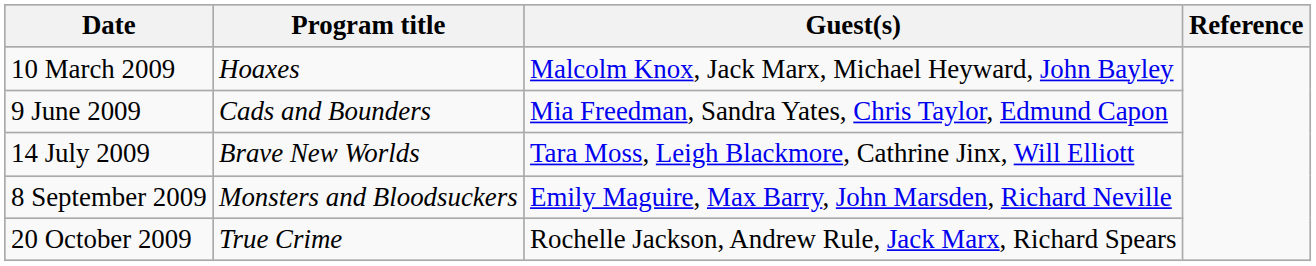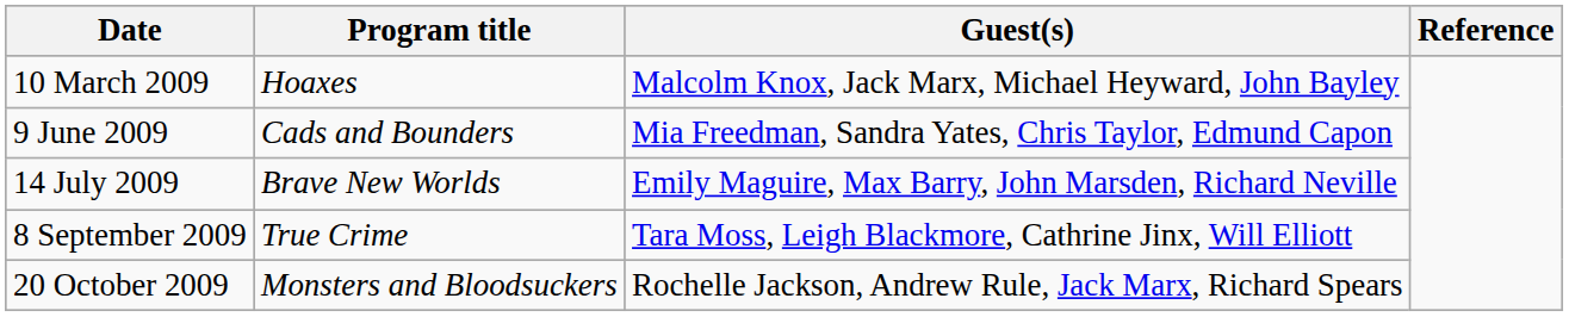 <table class="wikitable">
 <tr>
 <th>Date</th>
 <th>Program title</th>
 <th>Guest(s)</th>
 <th>Reference</th>
 </tr>
 <tr>
 <td>10 March 2009</td>
 <td><em>Hoaxes</em></td>
 <td><a href='#'>Malcolm Knox</a>, Jack Marx, Michael Heyward, <a href='#'>John Bayley</a></td>
 <td rowspan=5></td>
 </tr>
 <tr>
 <td>9 June 2009</td>
 <td><em>Cads and Bounders</em></td>
 <td><a href='#'>Mia Freedman</a>, Sandra Yates, <a href='#'>Chris Taylor</a>, <a href='#'>Edmund Capon</a></td>
 </tr>
 <tr>
 <td>14 July 2009</td>
 <td><em>Brave New Worlds</em></td>
+<td><a href='#'>Emily Maguire</a>, <a href='#'>Max Barry</a>, <a href='#'>John Marsden</a>, <a href='#'>Richard Neville</a></td>
+</tr>
+<tr>
+<td>8 September 2009</td>
+<td><em>True Crime</em></td>
 <td><a href='#'>Tara Moss</a>, <a href='#'>Leigh Blackmore</a>, Cathrine Jinx, <a href='#'>Will Elliott</a></td>
 </tr>
 <tr>
-<td>8 September 2009</td>
+<td>20 October 2009</td>
 <td><em>Monsters and Bloodsuckers</em></td>
-<td><a href='#'>Emily Maguire</a>, <a href='#'>Max Barry</a>, <a href='#'>John Marsden</a>, <a href='#'>Richard Neville</a></td>
-</tr>
-<tr>
-<td>20 October 2009</td>
-<td><em>True Crime</em></td>
 <td>Rochelle Jackson, Andrew Rule, <a href='#'>Jack Marx</a>, Richard Spears</td>
 </tr>
 </table>
